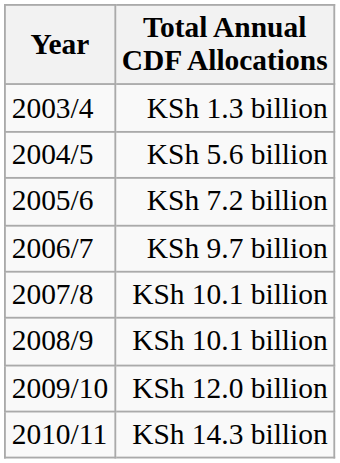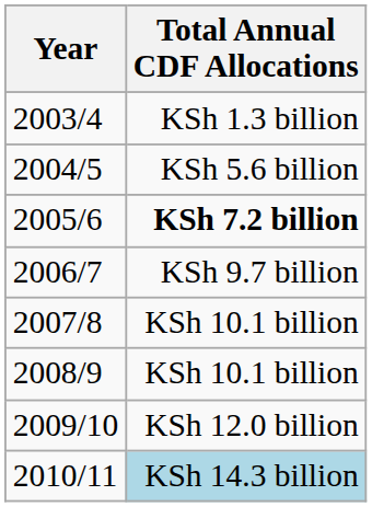 <table class=wikitable>
 <tr>
 <th>Year</th>
 <th>Total Annual<br>CDF Allocations</th>
 </tr>
 <tr>
 <td>2003/4</td>
 <td align=right>KSh 1.3 billion</td>
 </tr>
 <tr>
 <td>2004/5</td>
 <td align=right>KSh  5.6 billion</td>
 </tr>
 <tr>
 <td>2005/6</td>
-<td align=right>KSh  7.2 billion</td>
+<td align=right><strong>KSh  7.2 billion</strong></td>
 </tr>
 <tr>
 <td>2006/7</td>
 <td align=right>KSh  9.7 billion</td>
 </tr>
 <tr>
 <td>2007/8</td>
 <td align=right>KSh 10.1 billion</td>
 </tr>
 <tr>
 <td>2008/9</td>
 <td align=right>KSh 10.1 billion</td>
 </tr>
 <tr>
 <td>2009/10</td>
 <td align=right>KSh 12.0 billion</td>
 </tr>
 <tr>
 <td>2010/11</td>
-<td align=right>KSh 14.3 billion</td>
+<td align=right style="background: lightblue;">KSh 14.3 billion</td>
 </tr>
 </table>
